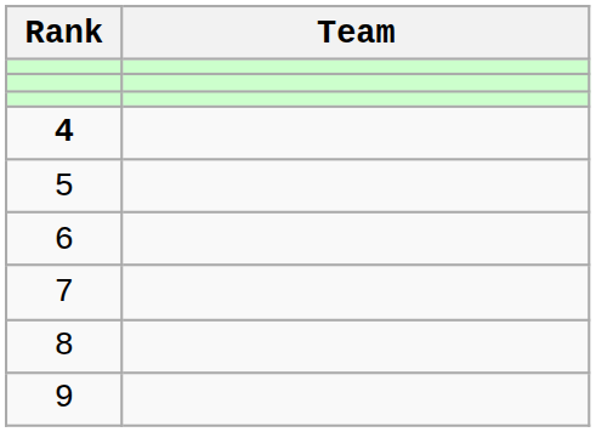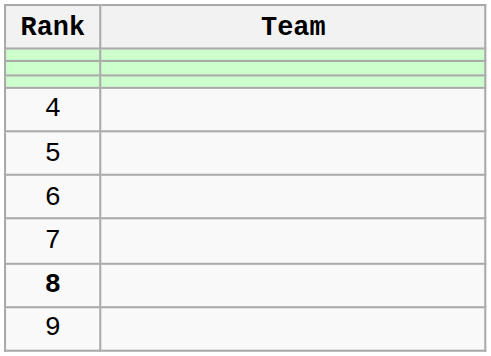 <table class="wikitable" style="text-align: center;">
 <tr>
 <th width=40>Rank</th>
 <th width=180>Team</th>
 </tr>
 <tr bgcolor=#CCFFCC>
 <td></td>
 <td style="text-align:left;"></td>
 </tr>
 <tr bgcolor=#CCFFCC>
 <td></td>
 <td style="text-align:left;"></td>
 </tr>
 <tr bgcolor=#CCFFCC>
 <td></td>
 <td style="text-align:left;"></td>
 </tr>
 <tr>
-<td><strong>4</strong></td>
+<td>4</td>
 <td style="text-align:left;"></td>
 </tr>
 <tr align=center>
 <td>5</td>
 <td style="text-align:left;"></td>
 </tr>
 <tr align=center>
 <td>6</td>
 <td style="text-align:left;"></td>
 </tr>
 <tr align=center>
 <td>7</td>
 <td style="text-align:left;"></td>
 </tr>
 <tr align=center>
-<td>8</td>
+<td><strong>8</strong></td>
 <td style="text-align:left;"></td>
 </tr>
 <tr align=center>
 <td>9</td>
 <td style="text-align:left;"></td>
 </tr>
 </table>
